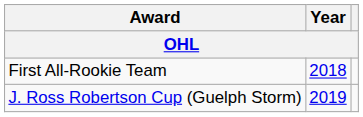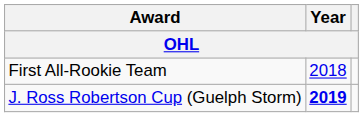 <table class="wikitable">
 <tr>
 <th>Award</th>
 <th>Year</th>
 <th></th>
 </tr>
 <tr ALIGN="center" bgcolor="#e0e0e0">
 <th colspan="3"><a href='#'>OHL</a></th>
 </tr>
 <tr>
 <td>First All-Rookie Team</td>
 <td><a href='#'>2018</a></td>
 <td></td>
 </tr>
 <tr>
 <td><a href='#'>J. Ross Robertson Cup</a> (Guelph Storm)</td>
-<td><a href='#'>2019</a></td>
+<td><strong><a href='#'>2019</a></strong></td>
 <td></td>
 </tr>
 </table>
